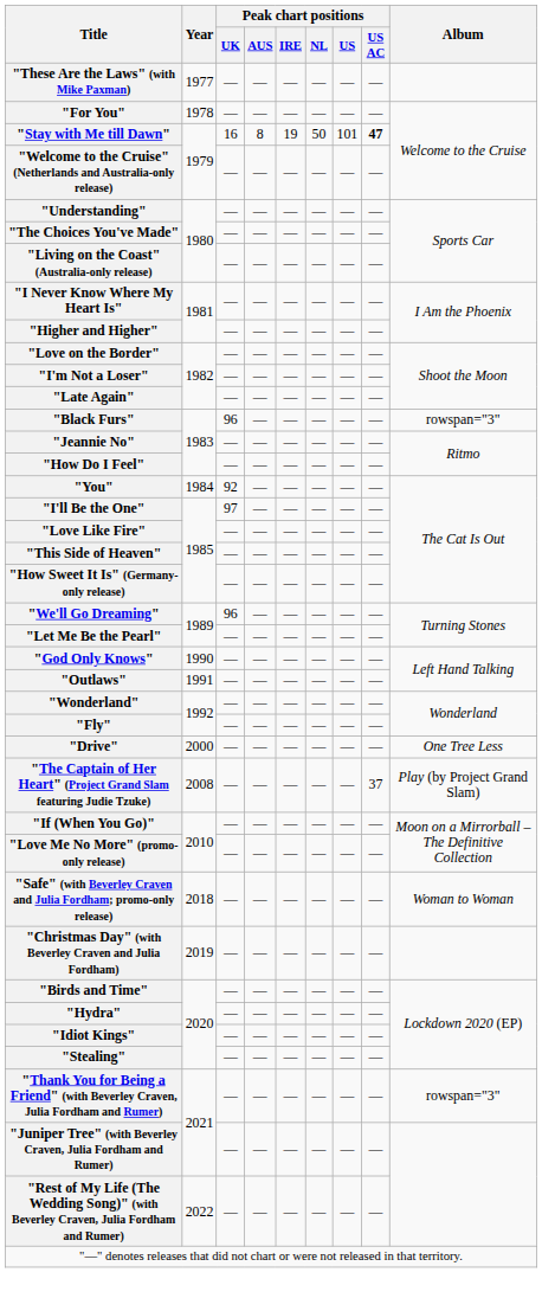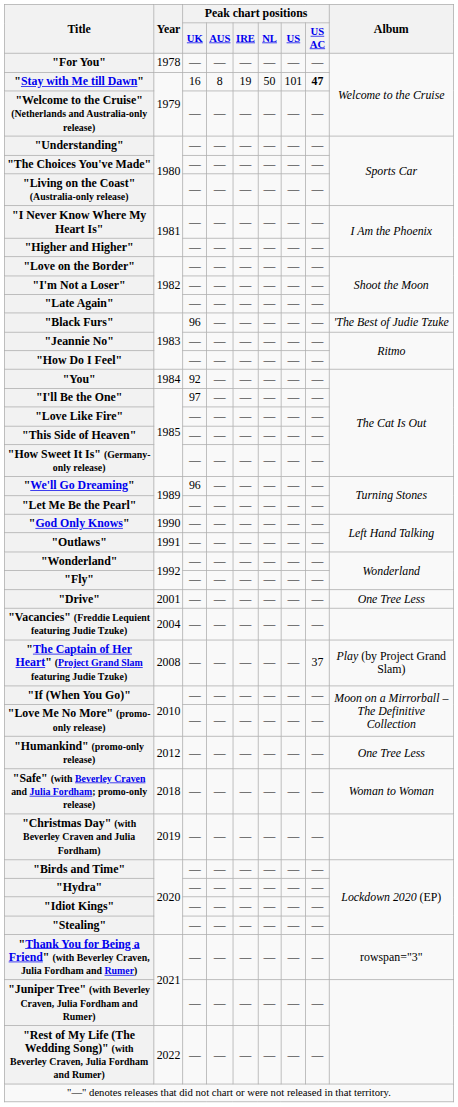 <table class="wikitable plainrowheaders" style="text-align:center;">
 <tr>
 <th rowspan="2" scope="col" style="width:17em;">Title</th>
 <th rowspan="2" scope="col" style="width:2em;">Year</th>
 <th colspan="6">Peak chart positions</th>
 <th rowspan="2" style="width:15em;">Album</th>
 </tr>
 <tr>
 <th scope="col" style="width:2em;font-size:90%;"><a href='#'>UK</a><br></th>
 <th scope="col" style="width:2em;font-size:90%;"><a href='#'>AUS</a><br></th>
 <th scope="col" style="width:2em;font-size:90%;"><a href='#'>IRE</a><br></th>
 <th scope="col" style="width:2em;font-size:90%;"><a href='#'>NL</a><br></th>
 <th scope="col" style="width:2em;font-size:90%;"><a href='#'>US</a><br></th>
 <th scope="col" style="width:2em;font-size:90%;"><a href='#'>US AC</a><br></th>
-</tr>
-<tr>
-<th scope="row">"These Are the Laws" <small>(with <a href='#'>Mike Paxman</a>)</small></th>
-<td>1977</td>
-<td>—</td>
-<td>—</td>
-<td>—</td>
-<td>—</td>
-<td>—</td>
-<td>—</td>
-<td></td>
 </tr>
 <tr>
 <th scope="row">"For You"</th>
 <td>1978</td>
 <td>—</td>
 <td>—</td>
 <td>—</td>
 <td>—</td>
 <td>—</td>
 <td>—</td>
 <td rowspan="3"><em>Welcome to the Cruise</em></td>
 </tr>
 <tr>
 <th scope="row">"<a href='#'>Stay with Me till Dawn</a>"</th>
 <td rowspan="2">1979</td>
 <td>16</td>
 <td>8</td>
 <td>19</td>
 <td>50</td>
 <td>101</td>
 <td><strong>47</strong></td>
 </tr>
 <tr>
 <th scope="row">"Welcome to the Cruise" <small>(Netherlands and Australia-only release)</small></th>
 <td>—</td>
 <td>—</td>
 <td>—</td>
 <td>—</td>
 <td>—</td>
 <td>—</td>
 </tr>
 <tr>
 <th scope="row">"Understanding"</th>
 <td rowspan="3">1980</td>
 <td>—</td>
 <td>—</td>
 <td>—</td>
 <td>—</td>
 <td>—</td>
 <td>—</td>
 <td rowspan="3"><em>Sports Car</em></td>
 </tr>
 <tr>
 <th scope="row">"The Choices You've Made"</th>
 <td>—</td>
 <td>—</td>
 <td>—</td>
 <td>—</td>
 <td>—</td>
 <td>—</td>
 </tr>
 <tr>
 <th scope="row">"Living on the Coast" <small>(Australia-only release)</small></th>
 <td>—</td>
 <td>—</td>
 <td>—</td>
 <td>—</td>
 <td>—</td>
 <td>—</td>
 </tr>
 <tr>
 <th scope="row">"I Never Know Where My Heart Is"</th>
 <td rowspan="2">1981</td>
 <td>—</td>
 <td>—</td>
 <td>—</td>
 <td>—</td>
 <td>—</td>
 <td>—</td>
 <td rowspan="2"><em>I Am the Phoenix</em></td>
 </tr>
 <tr>
 <th scope="row">"Higher and Higher"</th>
 <td>—</td>
 <td>—</td>
 <td>—</td>
 <td>—</td>
 <td>—</td>
 <td>—</td>
 </tr>
 <tr>
 <th scope="row">"Love on the Border"</th>
 <td rowspan="3">1982</td>
 <td>—</td>
 <td>—</td>
 <td>—</td>
 <td>—</td>
 <td>—</td>
 <td>—</td>
 <td rowspan="3"><em>Shoot the Moon</em></td>
 </tr>
 <tr>
 <th scope="row">"I'm Not a Loser"</th>
 <td>—</td>
 <td>—</td>
 <td>—</td>
 <td>—</td>
 <td>—</td>
 <td>—</td>
 </tr>
 <tr>
 <th scope="row">"Late Again"</th>
 <td>—</td>
 <td>—</td>
 <td>—</td>
 <td>—</td>
 <td>—</td>
 <td>—</td>
 </tr>
 <tr>
 <th scope="row">"Black Furs"</th>
 <td rowspan="3">1983</td>
 <td>96</td>
 <td>—</td>
 <td>—</td>
 <td>—</td>
 <td>—</td>
 <td>—</td>
-<td>rowspan="3" </td>
+<td><em>'The Best of Judie Tzuke</em></td>
 </tr>
 <tr>
 <th scope="row">"Jeannie No"</th>
 <td>—</td>
 <td>—</td>
 <td>—</td>
 <td>—</td>
 <td>—</td>
 <td>—</td>
 <td rowspan="2"><em>Ritmo</em></td>
 </tr>
 <tr>
 <th scope="row">"How Do I Feel"</th>
 <td>—</td>
 <td>—</td>
 <td>—</td>
 <td>—</td>
 <td>—</td>
 <td>—</td>
 </tr>
 <tr>
 <th scope="row">"You"</th>
 <td>1984</td>
 <td>92</td>
 <td>—</td>
 <td>—</td>
 <td>—</td>
 <td>—</td>
 <td>—</td>
 <td rowspan="5"><em>The Cat Is Out</em></td>
 </tr>
 <tr>
 <th scope="row">"I'll Be the One"</th>
 <td rowspan="4">1985</td>
 <td>97</td>
 <td>—</td>
 <td>—</td>
 <td>—</td>
 <td>—</td>
 <td>—</td>
 </tr>
 <tr>
 <th scope="row">"Love Like Fire"</th>
 <td>—</td>
 <td>—</td>
 <td>—</td>
 <td>—</td>
 <td>—</td>
 <td>—</td>
 </tr>
 <tr>
 <th scope="row">"This Side of Heaven"</th>
 <td>—</td>
 <td>—</td>
 <td>—</td>
 <td>—</td>
 <td>—</td>
 <td>—</td>
 </tr>
 <tr>
 <th scope="row">"How Sweet It Is" <small>(Germany-only release)</small></th>
 <td>—</td>
 <td>—</td>
 <td>—</td>
 <td>—</td>
 <td>—</td>
 <td>—</td>
 </tr>
 <tr>
 <th scope="row">"<a href='#'>We'll Go Dreaming</a>"</th>
 <td rowspan="2">1989</td>
 <td>96</td>
 <td>—</td>
 <td>—</td>
 <td>—</td>
 <td>—</td>
 <td>—</td>
 <td rowspan="2"><em>Turning Stones</em></td>
 </tr>
 <tr>
 <th scope="row">"Let Me Be the Pearl"</th>
 <td>—</td>
 <td>—</td>
 <td>—</td>
 <td>—</td>
 <td>—</td>
 <td>—</td>
 </tr>
 <tr>
 <th scope="row">"<a href='#'>God Only Knows</a>"</th>
 <td>1990</td>
 <td>—</td>
 <td>—</td>
 <td>—</td>
 <td>—</td>
 <td>—</td>
 <td>—</td>
 <td rowspan="2"><em>Left Hand Talking</em></td>
 </tr>
 <tr>
 <th scope="row">"Outlaws"</th>
 <td>1991</td>
 <td>—</td>
 <td>—</td>
 <td>—</td>
 <td>—</td>
 <td>—</td>
 <td>—</td>
 </tr>
 <tr>
 <th scope="row">"Wonderland"</th>
 <td rowspan="2">1992</td>
 <td>—</td>
 <td>—</td>
 <td>—</td>
 <td>—</td>
 <td>—</td>
 <td>—</td>
 <td rowspan="2"><em>Wonderland</em></td>
 </tr>
 <tr>
 <th scope="row">"Fly"</th>
 <td>—</td>
 <td>—</td>
 <td>—</td>
 <td>—</td>
 <td>—</td>
 <td>—</td>
 </tr>
 <tr>
 <th scope="row">"Drive"</th>
-<td>2000</td>
+<td>2001</td>
 <td>—</td>
 <td>—</td>
 <td>—</td>
 <td>—</td>
 <td>—</td>
 <td>—</td>
 <td><em>One Tree Less</em></td>
+</tr>
+<tr>
+<th scope="row">"Vacancies" <small>(Freddie Lequient featuring Judie Tzuke)</small></th>
+<td>2004</td>
+<td>—</td>
+<td>—</td>
+<td>—</td>
+<td>—</td>
+<td>—</td>
+<td>—</td>
+<td></td>
 </tr>
 <tr>
 <th scope="row">"<a href='#'>The Captain of Her Heart</a>" <small>(<a href='#'>Project Grand Slam</a> featuring Judie Tzuke)</small></th>
 <td>2008</td>
 <td>—</td>
 <td>—</td>
 <td>—</td>
 <td>—</td>
 <td>—</td>
 <td>37</td>
 <td><em>Play</em> (by Project Grand Slam)</td>
 </tr>
 <tr>
 <th scope="row">"If (When You Go)"</th>
 <td rowspan="2">2010</td>
 <td>—</td>
 <td>—</td>
 <td>—</td>
 <td>—</td>
 <td>—</td>
 <td>—</td>
 <td rowspan="2"><em>Moon on a Mirrorball – The Definitive Collection</em></td>
 </tr>
 <tr>
 <th scope="row">"Love Me No More" <small>(promo-only release)</small></th>
 <td>—</td>
 <td>—</td>
 <td>—</td>
 <td>—</td>
 <td>—</td>
 <td>—</td>
+</tr>
+<tr>
+<th scope="row">"Humankind" <small>(promo-only release)</small></th>
+<td>2012</td>
+<td>—</td>
+<td>—</td>
+<td>—</td>
+<td>—</td>
+<td>—</td>
+<td>—</td>
+<td><em>One Tree Less</em></td>
 </tr>
 <tr>
 <th scope="row">"Safe" <small>(with <a href='#'>Beverley Craven</a> and <a href='#'>Julia Fordham</a>; promo-only release)</small></th>
 <td>2018</td>
 <td>—</td>
 <td>—</td>
 <td>—</td>
 <td>—</td>
 <td>—</td>
 <td>—</td>
 <td><em>Woman to Woman</em></td>
 </tr>
 <tr>
 <th scope="row">"Christmas Day" <small>(with Beverley Craven and Julia Fordham)</small></th>
 <td>2019</td>
 <td>—</td>
 <td>—</td>
 <td>—</td>
 <td>—</td>
 <td>—</td>
 <td>—</td>
 <td></td>
 </tr>
 <tr>
 <th scope="row">"Birds and Time"</th>
 <td rowspan="4">2020</td>
 <td>—</td>
 <td>—</td>
 <td>—</td>
 <td>—</td>
 <td>—</td>
 <td>—</td>
 <td rowspan="4"><em>Lockdown 2020</em> (EP)</td>
 </tr>
 <tr>
 <th scope="row">"Hydra"</th>
 <td>—</td>
 <td>—</td>
 <td>—</td>
 <td>—</td>
 <td>—</td>
 <td>—</td>
 </tr>
 <tr>
 <th scope="row">"Idiot Kings"</th>
 <td>—</td>
 <td>—</td>
 <td>—</td>
 <td>—</td>
 <td>—</td>
 <td>—</td>
 </tr>
 <tr>
 <th scope="row">"Stealing"</th>
 <td>—</td>
 <td>—</td>
 <td>—</td>
 <td>—</td>
 <td>—</td>
 <td>—</td>
 </tr>
 <tr>
 <th scope="row">"<a href='#'>Thank You for Being a Friend</a>" <small>(with Beverley Craven, Julia Fordham and <a href='#'>Rumer</a>)</small></th>
 <td rowspan="2">2021</td>
 <td>—</td>
 <td>—</td>
 <td>—</td>
 <td>—</td>
 <td>—</td>
 <td>—</td>
 <td>rowspan="3" </td>
 </tr>
 <tr>
 <th scope="row">"Juniper Tree" <small>(with Beverley Craven, Julia Fordham and Rumer)</small></th>
 <td>—</td>
 <td>—</td>
 <td>—</td>
 <td>—</td>
 <td>—</td>
 <td>—</td>
 </tr>
 <tr>
 <th scope="row">"Rest of My Life (The Wedding Song)" <small>(with Beverley Craven, Julia Fordham and Rumer)</small></th>
 <td>2022</td>
 <td>—</td>
 <td>—</td>
 <td>—</td>
 <td>—</td>
 <td>—</td>
 <td>—</td>
 </tr>
 <tr>
 <td colspan="9" style="font-size:90%">"—" denotes releases that did not chart or were not released in that territory.</td>
 </tr>
 </table>
